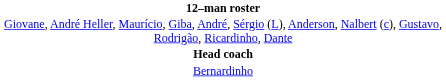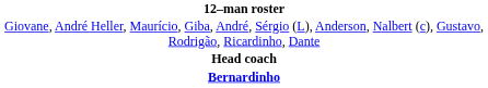 <table style="text-align:center; margin-top:2em; margin-left:auto; margin-right:auto">
 <tr>
 <td><strong>12–man roster</strong></td>
 </tr>
 <tr>
 <td><a href='#'>Giovane</a>, <a href='#'>André Heller</a>, <a href='#'>Maurício</a>, <a href='#'>Giba</a>, <a href='#'>André</a>, <a href='#'>Sérgio</a> (<a href='#'>L</a>), <a href='#'>Anderson</a>, <a href='#'>Nalbert</a> (<a href='#'>c</a>), <a href='#'>Gustavo</a>, <a href='#'>Rodrigão</a>, <a href='#'>Ricardinho</a>, <a href='#'>Dante</a></td>
 </tr>
 <tr>
 <td><strong>Head coach</strong></td>
 </tr>
 <tr>
-<td><a href='#'>Bernardinho</a></td>
+<td><strong><a href='#'>Bernardinho</a></strong></td>
 </tr>
 </table>
